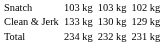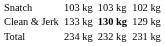 <table>
 <tr>
 <td>Snatch</td>
 <td></td>
 <td>103 kg</td>
 <td></td>
 <td>103 kg</td>
 <td></td>
 <td>102 kg</td>
 </tr>
 <tr>
 <td>Clean & Jerk</td>
 <td></td>
 <td>133 kg</td>
 <td></td>
-<td>130 kg</td>
+<td><strong>130 kg</strong></td>
 <td></td>
 <td>129 kg</td>
 </tr>
 <tr>
 <td>Total</td>
 <td></td>
 <td>234 kg</td>
 <td></td>
 <td>232 kg</td>
 <td></td>
 <td>231 kg</td>
 </tr>
 </table>
